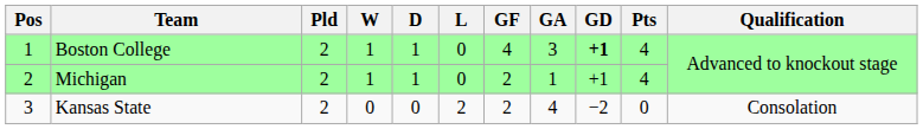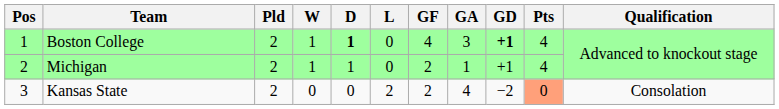 <table class="wikitable" style="text-align:center; margin: 1em auto">
 <tr>
 <th style="width:2em">Pos</th>
 <th style="width:13em">Team</th>
 <th style="width:2em">Pld</th>
 <th style="width:2em">W</th>
 <th style="width:2em">D</th>
 <th style="width:2em">L</th>
 <th style="width:2em">GF</th>
 <th style="width:2em">GA</th>
 <th style="width:2em">GD</th>
 <th style="width:2em">Pts</th>
 <th style="width:13em">Qualification</th>
 </tr>
 <tr bgcolor="#9eff9e">
 <td>1</td>
 <td style="text-align:left">Boston College</td>
 <td>2</td>
 <td>1</td>
-<td>1</td>
+<td><strong>1</strong></td>
 <td>0</td>
 <td>4</td>
 <td>3</td>
 <td><strong>+1</strong></td>
 <td>4</td>
 <td rowspan="2">Advanced to knockout stage</td>
 </tr>
 <tr bgcolor="#9eff9e">
 <td>2</td>
 <td style="text-align:left">Michigan</td>
 <td>2</td>
 <td>1</td>
 <td>1</td>
 <td>0</td>
 <td>2</td>
 <td>1</td>
 <td>+1</td>
 <td>4</td>
 </tr>
 <tr>
 <td>3</td>
 <td style="text-align:left">Kansas State</td>
 <td>2</td>
 <td>0</td>
 <td>0</td>
 <td>2</td>
 <td>2</td>
 <td>4</td>
 <td>−2</td>
-<td>0</td>
+<td style="background: lightsalmon;">0</td>
 <td>Consolation</td>
 </tr>
 </table>
